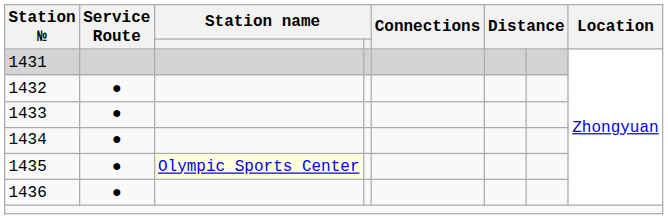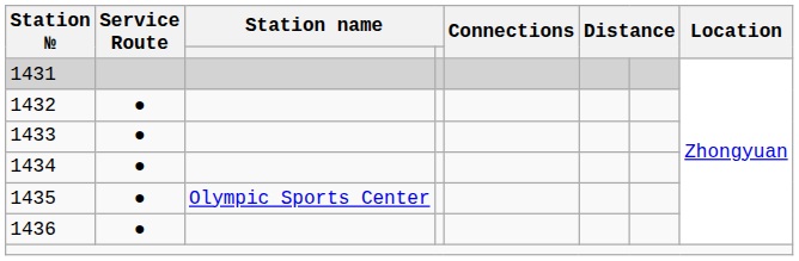 <table class="wikitable">
 <tr>
 <th rowspan="2">Station<br>№</th>
 <th rowspan="2">Service<br>Route</th>
 <th colspan="2">Station name</th>
 <th rowspan="2">Connections</th>
 <th colspan="2" rowspan="2">Distance<br></th>
 <th rowspan="2">Location</th>
 </tr>
 <tr>
 <th></th>
 <th></th>
 </tr>
 <tr bgcolor="lightgrey">
 <td>1431</td>
 <td align="center"></td>
 <td></td>
 <td></td>
 <td></td>
 <td></td>
 <td></td>
 <td bgcolor="white" rowspan="6"><a href='#'>Zhongyuan</a></td>
 </tr>
 <tr>
 <td>1432</td>
 <td align="center">●</td>
 <td></td>
 <td></td>
 <td></td>
 <td></td>
 <td></td>
 </tr>
 <tr>
 <td>1433</td>
 <td align="center">●</td>
 <td></td>
 <td></td>
 <td></td>
 <td></td>
 <td></td>
 </tr>
 <tr>
 <td>1434</td>
 <td align="center">●</td>
 <td></td>
 <td></td>
 <td></td>
 <td></td>
 <td></td>
 </tr>
 <tr>
 <td>1435</td>
 <td align="center">●</td>
-<td style="background: lightyellow;"><a href='#'>Olympic Sports Center</a></td>
+<td><a href='#'>Olympic Sports Center</a></td>
 <td></td>
 <td></td>
 <td></td>
 <td></td>
 </tr>
 <tr>
 <td>1436</td>
 <td align="center">●</td>
 <td></td>
 <td></td>
 <td></td>
 <td></td>
 <td></td>
 </tr>
 <tr style="background:#">
 <td colspan="8"></td>
 </tr>
 </table>
